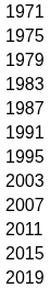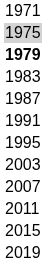 <table>
 <tr>
 <td>1971</td>
 <td></td>
 <td></td>
 <td></td>
 </tr>
 <tr>
-<td>1975</td>
+<td style="background: lightgrey;">1975</td>
 <td></td>
 <td></td>
 <td></td>
 </tr>
 <tr>
-<td>1979</td>
+<td><strong>1979</strong></td>
 <td></td>
 <td></td>
 <td></td>
 </tr>
 <tr>
 <td>1983</td>
 <td></td>
 <td></td>
 <td></td>
 </tr>
 <tr>
 <td>1987</td>
 <td></td>
 <td></td>
 <td></td>
 </tr>
 <tr>
 <td>1991</td>
 <td></td>
 <td></td>
 <td></td>
 </tr>
 <tr>
 <td>1995</td>
 <td></td>
 <td></td>
 <td></td>
 </tr>
 <tr>
 <td>2003</td>
 <td></td>
 <td></td>
 <td></td>
 </tr>
 <tr>
 <td rowspan=2>2007</td>
 <td rowspan=2></td>
 <td rowspan=2></td>
 <td></td>
 </tr>
 <tr>
 <td></td>
 </tr>
 <tr>
 <td rowspan=2>2011<br></td>
 <td rowspan=2></td>
 <td rowspan=2></td>
 <td></td>
 </tr>
 <tr>
 <td></td>
 </tr>
 <tr>
 <td rowspan=2>2015<br></td>
 <td rowspan=2></td>
 <td rowspan=2></td>
 <td></td>
 </tr>
 <tr>
 <td></td>
 </tr>
 <tr>
 <td rowspan=2>2019<br></td>
 <td rowspan=2></td>
 <td rowspan=2></td>
 <td></td>
 </tr>
 <tr>
 <td></td>
 </tr>
 </table>
